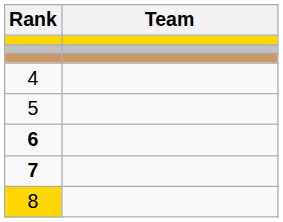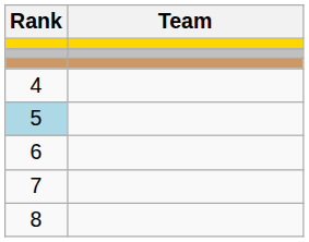 <table class="wikitable">
 <tr>
 <th>Rank</th>
 <th width=170>Team</th>
 </tr>
 <tr bgcolor=gold>
 <td align=center></td>
 <td></td>
 </tr>
 <tr bgcolor=silver>
 <td align=center></td>
 <td></td>
 </tr>
 <tr bgcolor=cc9966>
 <td align=center></td>
 <td></td>
 </tr>
 <tr>
 <td align=center>4</td>
 <td></td>
 </tr>
 <tr>
-<td align=center>5</td>
+<td align=center style="background: lightblue;">5</td>
 <td></td>
 </tr>
 <tr>
-<td align=center><strong>6</strong></td>
+<td align=center>6</td>
 <td></td>
 </tr>
 <tr>
-<td align=center><strong>7</strong></td>
+<td align=center>7</td>
 <td></td>
 </tr>
 <tr>
-<td align=center style="background: gold;">8</td>
+<td align=center>8</td>
 <td></td>
 </tr>
 </table>
